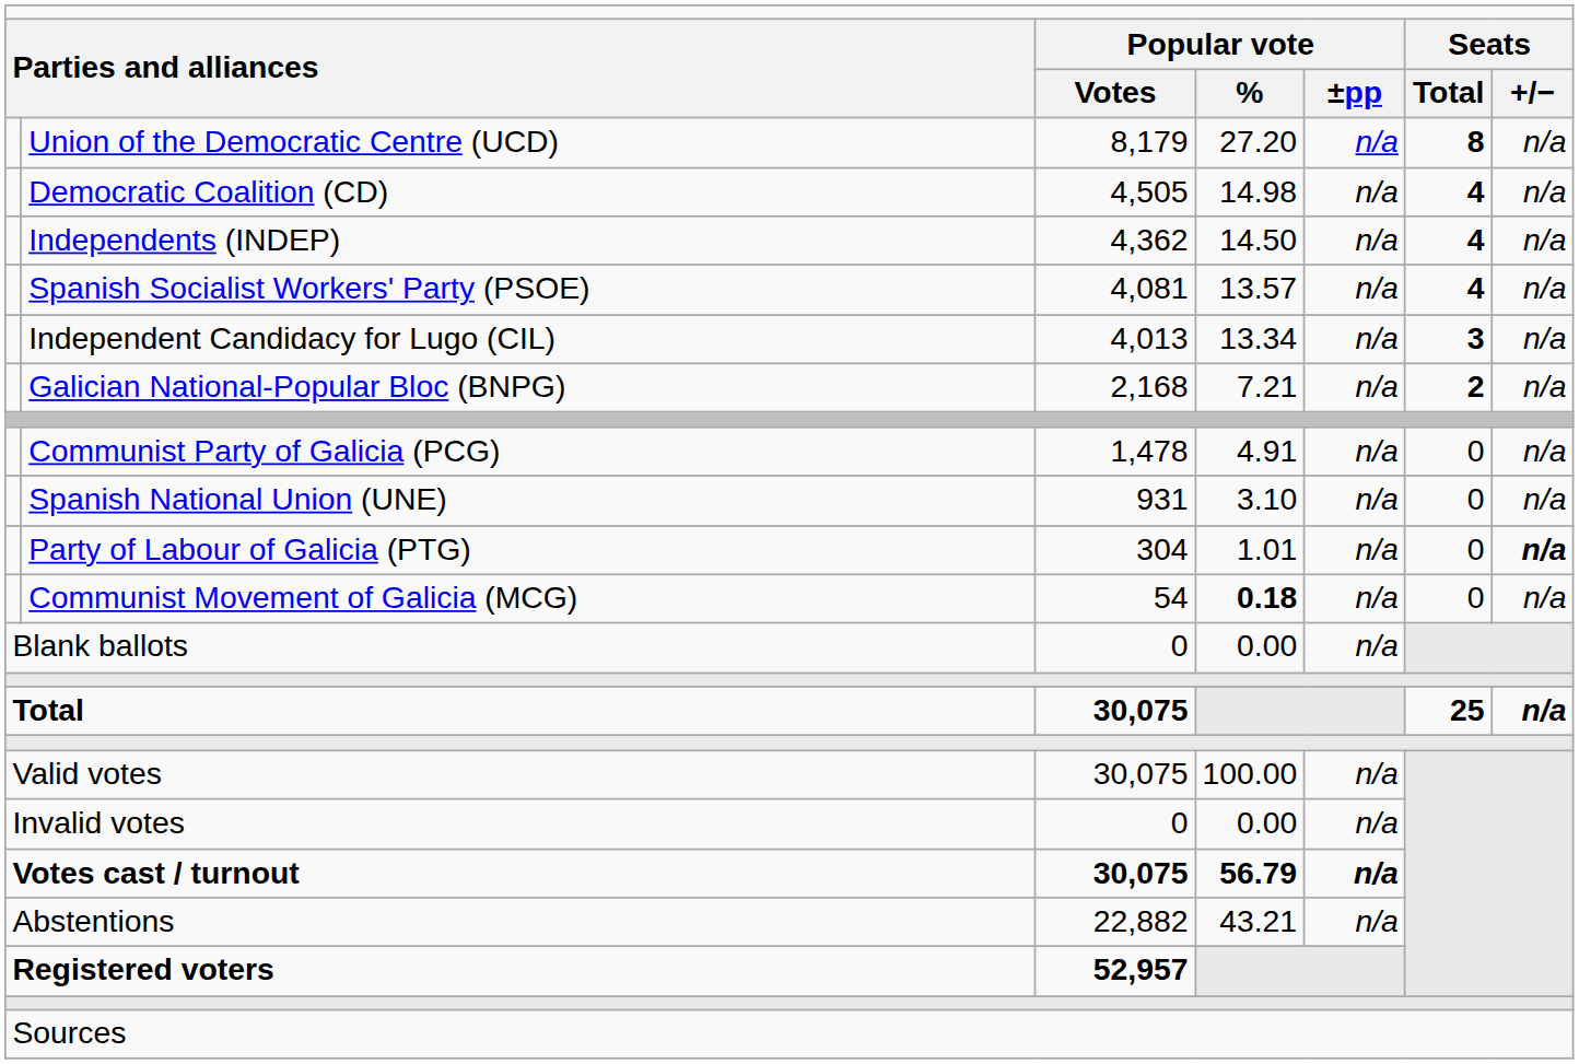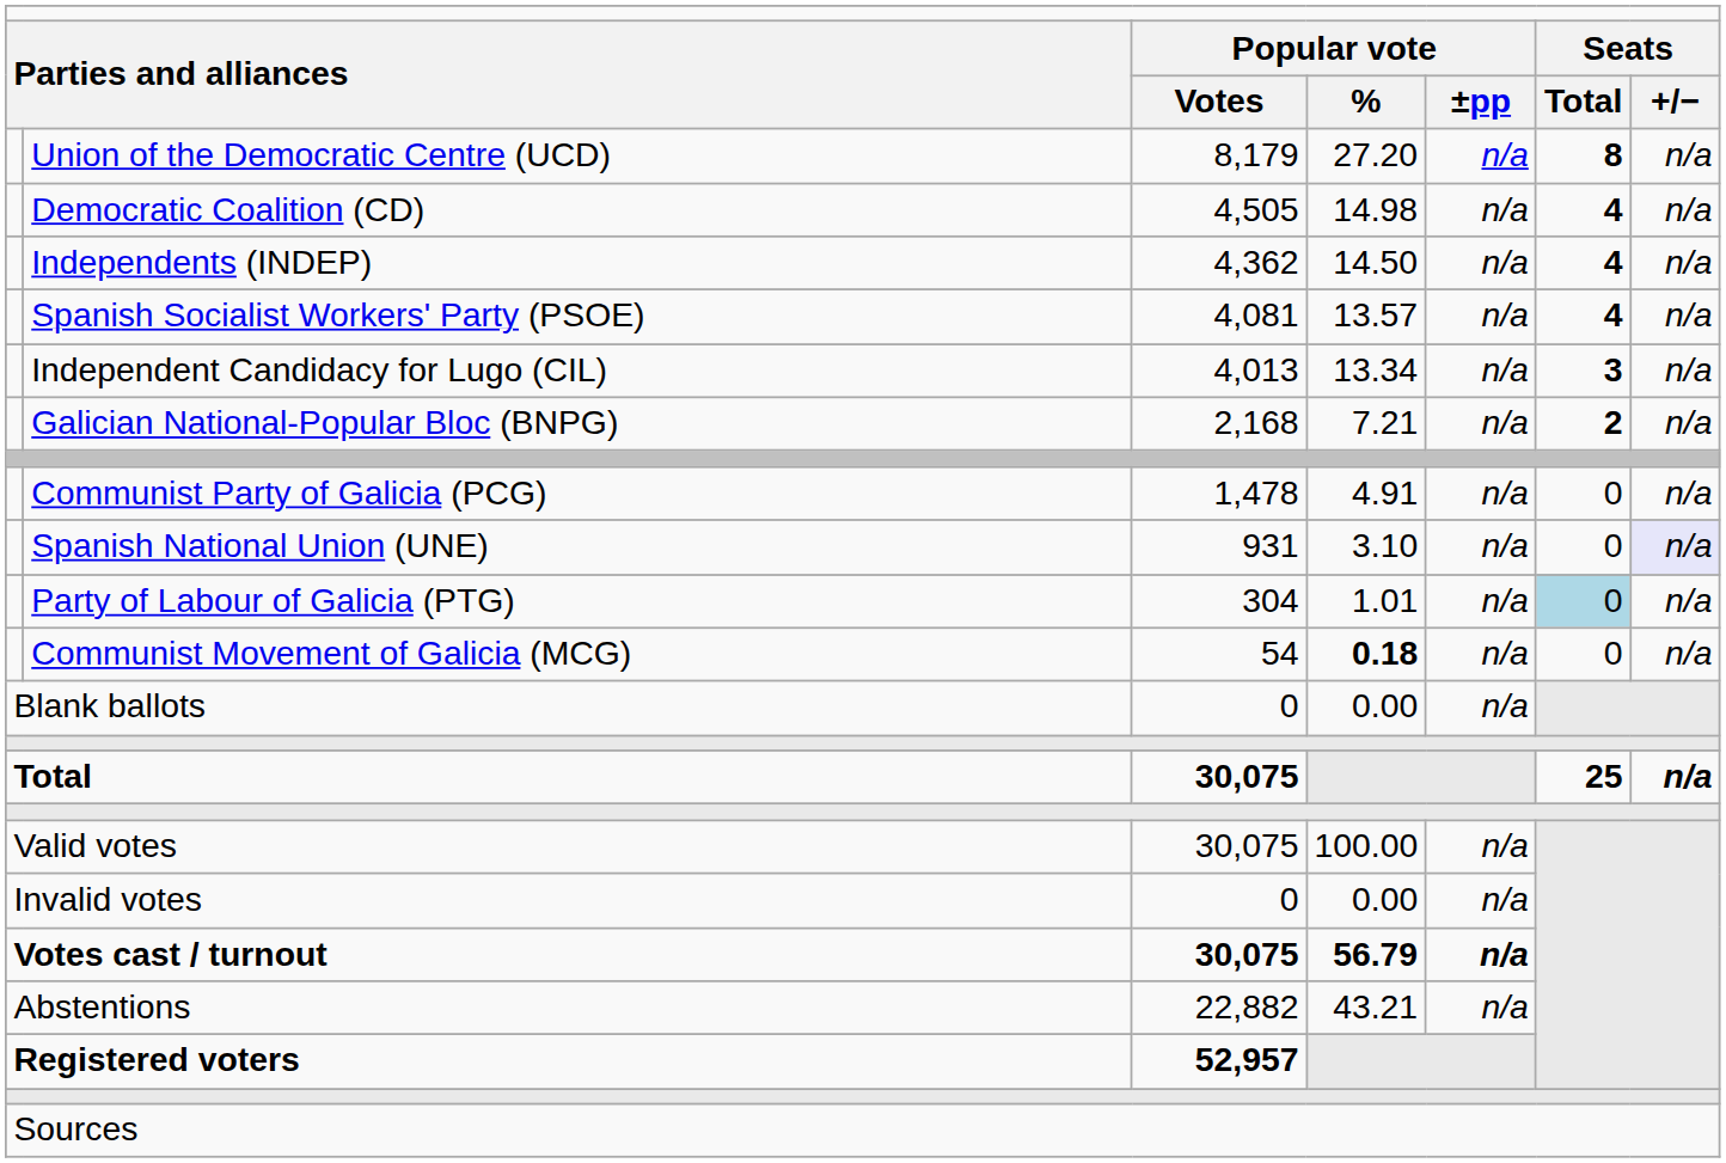 <table class="wikitable" style="text-align:right;">
 <tr>
 <td colspan="7"></td>
 </tr>
 <tr>
 <th style="text-align:left;" rowspan="2" colspan="2" width="525">Parties and alliances</th>
 <th colspan="3">Popular vote</th>
 <th colspan="2">Seats</th>
 </tr>
 <tr>
 <th width="75">Votes</th>
 <th width="45">%</th>
 <th width="45">±<a href='#'>pp</a></th>
 <th width="35">Total</th>
 <th width="35">+/−</th>
 </tr>
 <tr>
 <td width="1" style="color:inherit;background:"></td>
 <td align="left"><a href='#'>Union of the Democratic Centre</a> (UCD)</td>
 <td>8,179</td>
 <td>27.20</td>
 <td><em><a href='#'>n/a</a></em></td>
 <td><strong>8</strong></td>
 <td><em>n/a</em></td>
 </tr>
 <tr>
 <td style="color:inherit;background:"></td>
 <td align="left"><a href='#'>Democratic Coalition</a> (CD)</td>
 <td>4,505</td>
 <td>14.98</td>
 <td><em>n/a</em></td>
 <td><strong>4</strong></td>
 <td><em>n/a</em></td>
 </tr>
 <tr>
 <td style="color:inherit;background:"></td>
 <td align="left"><a href='#'>Independents</a> (INDEP)</td>
 <td>4,362</td>
 <td>14.50</td>
 <td><em>n/a</em></td>
 <td><strong>4</strong></td>
 <td><em>n/a</em></td>
 </tr>
 <tr>
 <td style="color:inherit;background:"></td>
 <td align="left"><a href='#'>Spanish Socialist Workers' Party</a> (PSOE)</td>
 <td>4,081</td>
 <td>13.57</td>
 <td><em>n/a</em></td>
 <td><strong>4</strong></td>
 <td><em>n/a</em></td>
 </tr>
 <tr>
 <td style="color:inherit;background:"></td>
 <td align="left">Independent Candidacy for Lugo (CIL)</td>
 <td>4,013</td>
 <td>13.34</td>
 <td><em>n/a</em></td>
 <td><strong>3</strong></td>
 <td><em>n/a</em></td>
 </tr>
 <tr>
 <td style="color:inherit;background:"></td>
 <td align="left"><a href='#'>Galician National-Popular Bloc</a> (BNPG)</td>
 <td>2,168</td>
 <td>7.21</td>
 <td><em>n/a</em></td>
 <td><strong>2</strong></td>
 <td><em>n/a</em></td>
 </tr>
 <tr>
 <td colspan="7" bgcolor="#C0C0C0"></td>
 </tr>
 <tr>
 <td style="color:inherit;background:"></td>
 <td align="left"><a href='#'>Communist Party of Galicia</a> (PCG)</td>
 <td>1,478</td>
 <td>4.91</td>
 <td><em>n/a</em></td>
 <td>0</td>
 <td><em>n/a</em></td>
 </tr>
 <tr>
 <td style="color:inherit;background:"></td>
 <td align="left"><a href='#'>Spanish National Union</a> (UNE)</td>
 <td>931</td>
 <td>3.10</td>
 <td><em>n/a</em></td>
 <td>0</td>
-<td><em>n/a</em></td>
+<td style="background: lavender;"><em>n/a</em></td>
 </tr>
 <tr>
 <td style="color:inherit;background:"></td>
 <td align="left"><a href='#'>Party of Labour of Galicia</a> (PTG)</td>
 <td>304</td>
 <td>1.01</td>
 <td><em>n/a</em></td>
-<td>0</td>
-<td><strong><em>n/a</em></strong></td>
+<td style="background: lightblue;">0</td>
+<td><em>n/a</em></td>
 </tr>
 <tr>
 <td style="color:inherit;background:"></td>
 <td align="left"><a href='#'>Communist Movement of Galicia</a> (MCG)</td>
 <td>54</td>
 <td><strong>0.18</strong></td>
 <td><em>n/a</em></td>
 <td>0</td>
 <td><em>n/a</em></td>
 </tr>
 <tr>
 <td align="left" colspan="2">Blank ballots</td>
 <td>0</td>
 <td>0.00</td>
 <td><em>n/a</em></td>
 <td bgcolor="#E9E9E9" colspan="2"></td>
 </tr>
 <tr>
 <td colspan="7" bgcolor="#E9E9E9"></td>
 </tr>
 <tr style="font-weight:bold;">
 <td align="left" colspan="2">Total</td>
 <td>30,075</td>
 <td bgcolor="#E9E9E9" colspan="2"></td>
 <td>25</td>
 <td><em>n/a</em></td>
 </tr>
 <tr>
 <td colspan="7" bgcolor="#E9E9E9"></td>
 </tr>
 <tr>
 <td align="left" colspan="2">Valid votes</td>
 <td>30,075</td>
 <td>100.00</td>
 <td><em>n/a</em></td>
 <td bgcolor="#E9E9E9" colspan="2" rowspan="5"></td>
 </tr>
 <tr>
 <td align="left" colspan="2">Invalid votes</td>
 <td>0</td>
 <td>0.00</td>
 <td><em>n/a</em></td>
 </tr>
 <tr style="font-weight:bold;">
 <td align="left" colspan="2">Votes cast / turnout</td>
 <td>30,075</td>
 <td>56.79</td>
 <td><em>n/a</em></td>
 </tr>
 <tr>
 <td align="left" colspan="2">Abstentions</td>
 <td>22,882</td>
 <td>43.21</td>
 <td><em>n/a</em></td>
 </tr>
 <tr style="font-weight:bold;">
 <td align="left" colspan="2">Registered voters</td>
 <td>52,957</td>
 <td bgcolor="#E9E9E9" colspan="2"></td>
 </tr>
 <tr>
 <td colspan="7" bgcolor="#E9E9E9"></td>
 </tr>
 <tr>
 <td align="left" colspan="7">Sources</td>
 </tr>
 </table>
